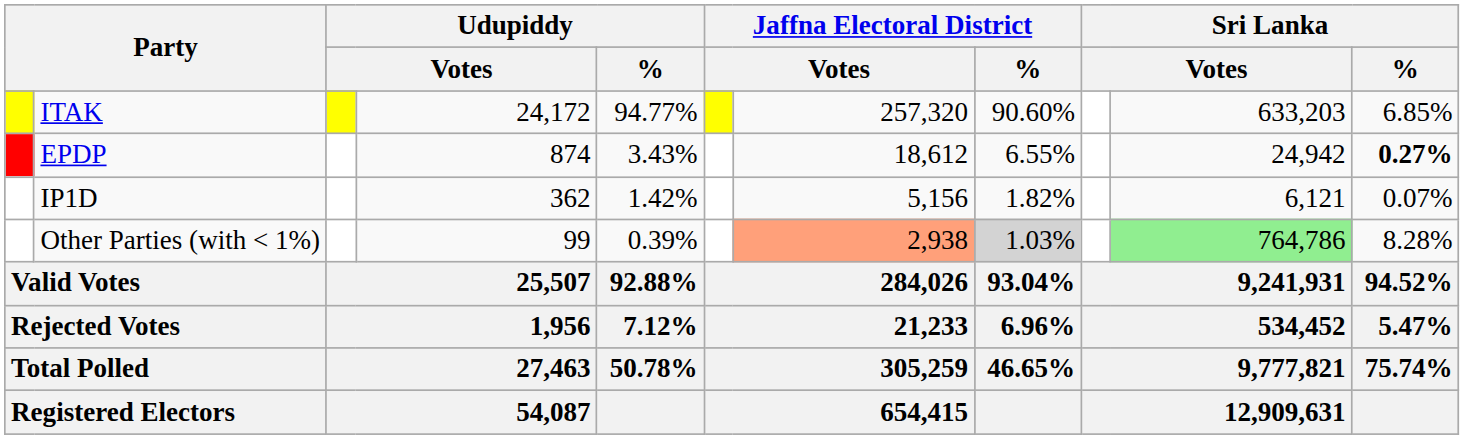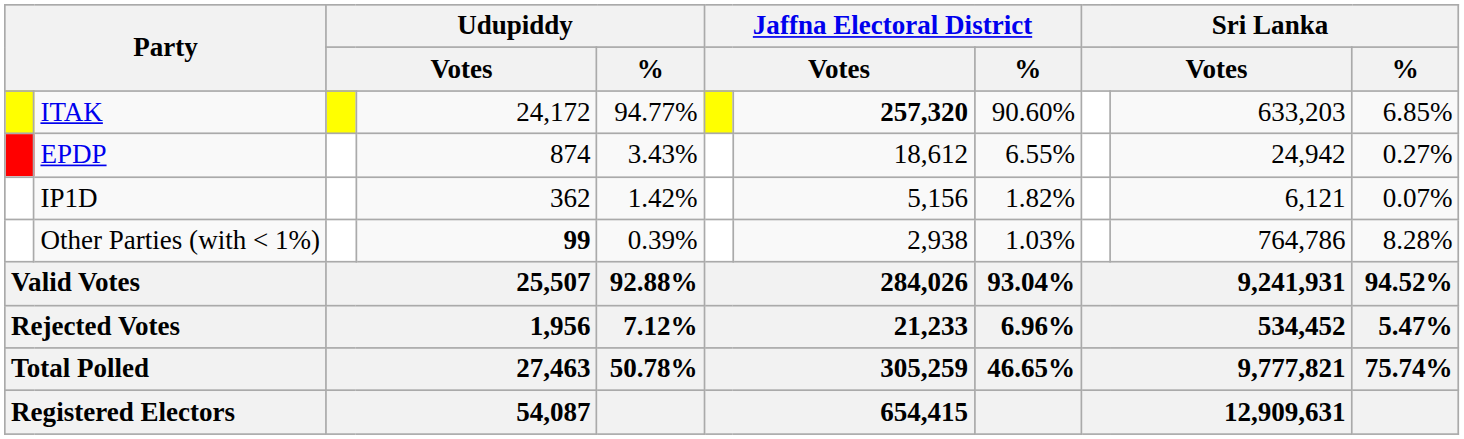 <table class="wikitable">
 <tr>
 <th colspan="2" width="144px"rowspan="2">Party</th>
 <th colspan="3" width="216px">Udupiddy</th>
 <th colspan="3" width="216px"><a href='#'>Jaffna Electoral District</a></th>
 <th colspan="3" width="216px">Sri Lanka</th>
 </tr>
 <tr>
 <th colspan="2" width="144px">Votes</th>
 <th>%</th>
 <th colspan="2" width="144px">Votes</th>
 <th>%</th>
 <th colspan="2" width="144px">Votes</th>
 <th>%</th>
 </tr>
 <tr>
 <td style="background-color:yellow;" width="10px"></td>
 <td style="text-align:left;"><a href='#'>ITAK</a></td>
 <td style="background-color:yellow;" width="10px"></td>
 <td style="text-align:right;">24,172</td>
 <td style="text-align:right;">94.77%</td>
 <td style="background-color:yellow;" width="10px"></td>
-<td style="text-align:right;">257,320</td>
+<td style="text-align:right;"><strong>257,320</strong></td>
 <td style="text-align:right;">90.60%</td>
 <td style="background-color:white;" width="10px"></td>
 <td style="text-align:right;">633,203</td>
 <td style="text-align:right;">6.85%</td>
 </tr>
 <tr>
 <td style="background-color:red;" width="10px"></td>
 <td style="text-align:left;"><a href='#'>EPDP</a></td>
 <td style="background-color:white;" width="10px"></td>
 <td style="text-align:right;">874</td>
 <td style="text-align:right;">3.43%</td>
 <td style="background-color:white;" width="10px"></td>
 <td style="text-align:right;">18,612</td>
 <td style="text-align:right;">6.55%</td>
 <td style="background-color:white;" width="10px"></td>
 <td style="text-align:right;">24,942</td>
-<td style="text-align:right;"><strong>0.27%</strong></td>
+<td style="text-align:right;">0.27%</td>
 </tr>
 <tr>
 <td style="background-color:white;" width="10px"></td>
 <td style="text-align:left;">IP1D</td>
 <td style="background-color:white;" width="10px"></td>
 <td style="text-align:right;">362</td>
 <td style="text-align:right;">1.42%</td>
 <td style="background-color:white;" width="10px"></td>
 <td style="text-align:right;">5,156</td>
 <td style="text-align:right;">1.82%</td>
 <td style="background-color:white;" width="10px"></td>
 <td style="text-align:right;">6,121</td>
 <td style="text-align:right;">0.07%</td>
 </tr>
 <tr>
 <td style="background-color:white;" width="10px"></td>
 <td style="text-align:left;">Other Parties (with < 1%)</td>
 <td style="background-color:white;" width="10px"></td>
-<td style="text-align:right;">99</td>
+<td style="text-align:right;"><strong>99</strong></td>
 <td style="text-align:right;">0.39%</td>
 <td style="background-color:white;" width="10px"></td>
-<td style="background: lightsalmon; text-align:right;">2,938</td>
-<td style="background: lightgrey; text-align:right;">1.03%</td>
+<td style="text-align:right;">2,938</td>
+<td style="text-align:right;">1.03%</td>
 <td style="background-color:white;" width="10px"></td>
-<td style="background: lightgreen; text-align:right;">764,786</td>
+<td style="text-align:right;">764,786</td>
 <td style="text-align:right;">8.28%</td>
 </tr>
 <tr>
 <th colspan="2" width="144px"style="text-align:left;">Valid Votes</th>
 <th style="text-align:right;"colspan="2" width="144px">25,507</th>
 <th style="text-align:right;">92.88%</th>
 <th style="text-align:right;"colspan="2" width="144px">284,026</th>
 <th style="text-align:right;">93.04%</th>
 <th style="text-align:right;"colspan="2" width="144px">9,241,931</th>
 <th style="text-align:right;">94.52%</th>
 </tr>
 <tr>
 <th colspan="2" width="144px"style="text-align:left;">Rejected Votes</th>
 <th style="text-align:right;"colspan="2" width="144px">1,956</th>
 <th style="text-align:right;">7.12%</th>
 <th style="text-align:right;"colspan="2" width="144px">21,233</th>
 <th style="text-align:right;">6.96%</th>
 <th style="text-align:right;"colspan="2" width="144px">534,452</th>
 <th style="text-align:right;">5.47%</th>
 </tr>
 <tr>
 <th colspan="2" width="144px"style="text-align:left;">Total Polled</th>
 <th style="text-align:right;"colspan="2" width="144px">27,463</th>
 <th style="text-align:right;">50.78%</th>
 <th style="text-align:right;"colspan="2" width="144px">305,259</th>
 <th style="text-align:right;">46.65%</th>
 <th style="text-align:right;"colspan="2" width="144px">9,777,821</th>
 <th style="text-align:right;">75.74%</th>
 </tr>
 <tr>
 <th colspan="2" width="144px"style="text-align:left;">Registered Electors</th>
 <th style="text-align:right;"colspan="2" width="144px">54,087</th>
 <th></th>
 <th style="text-align:right;"colspan="2" width="144px">654,415</th>
 <th></th>
 <th style="text-align:right;"colspan="2" width="144px">12,909,631</th>
 <th></th>
 </tr>
 </table>
